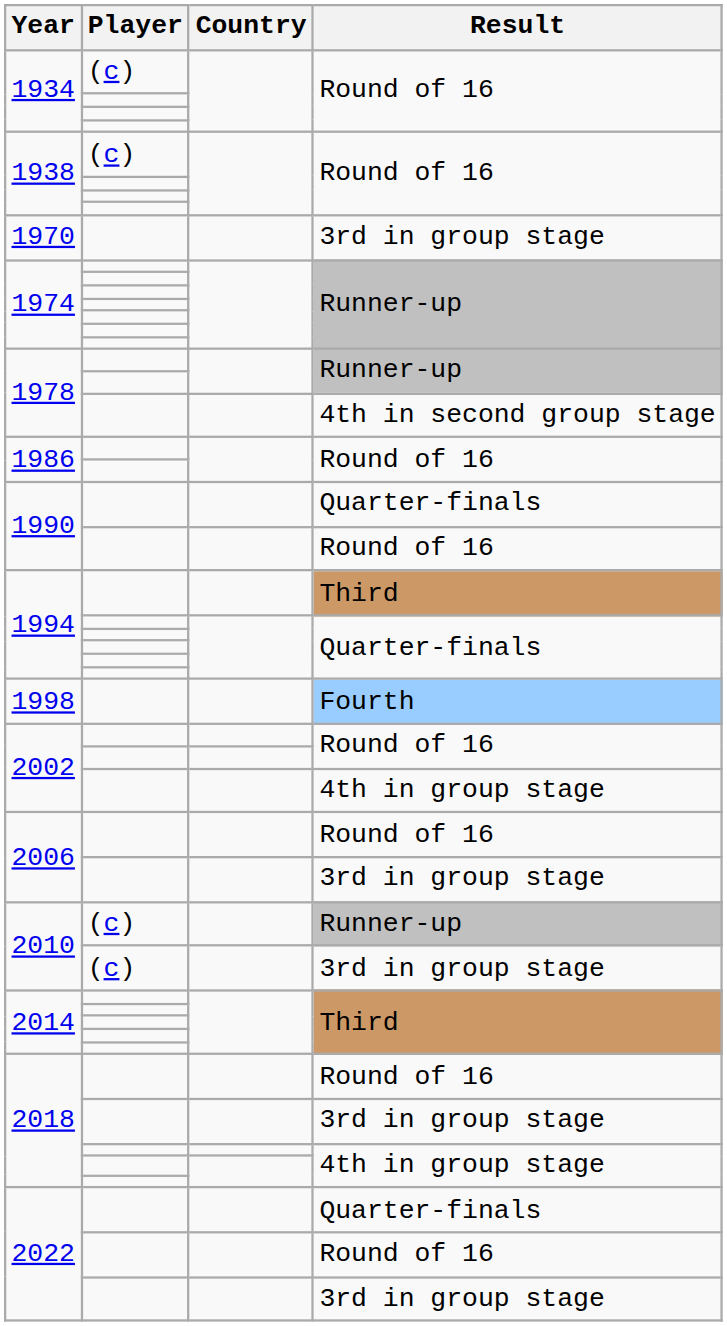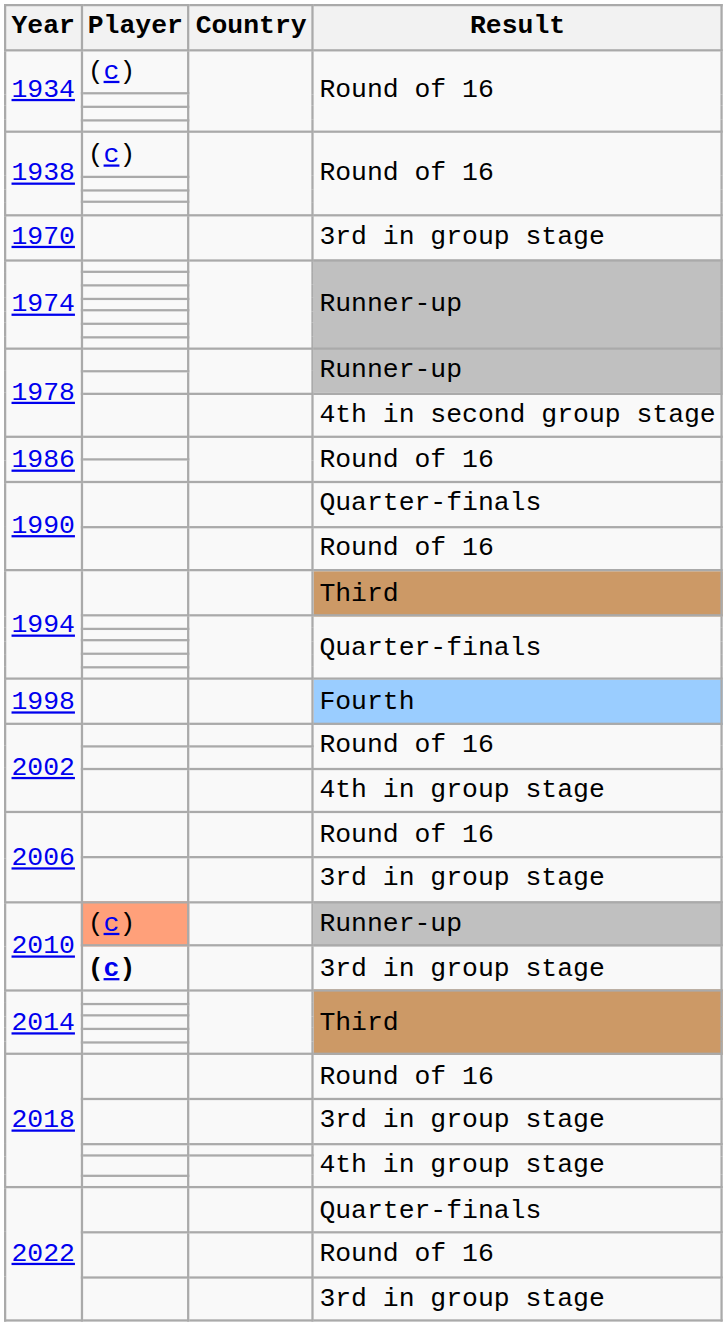 <table class="wikitable sortable" style="font-size:90%;">
 <tr>
 <th>Year</th>
 <th>Player</th>
 <th>Country</th>
 <th>Result</th>
 </tr>
 <tr>
 <td rowspan="4"><a href='#'>1934</a> </td>
 <td> (<a href='#'>c</a>)</td>
 <td rowspan="4"></td>
 <td rowspan="4" data-sort-value="6">Round of 16</td>
 </tr>
 <tr>
 <td></td>
 </tr>
 <tr>
 <td></td>
 </tr>
 <tr>
 <td></td>
 </tr>
 <tr>
 <td rowspan="4"><a href='#'>1938</a> </td>
 <td> (<a href='#'>c</a>)</td>
 <td rowspan="4"></td>
 <td rowspan="4" data-sort-value="6">Round of 16</td>
 </tr>
 <tr>
 <td></td>
 </tr>
 <tr>
 <td></td>
 </tr>
 <tr>
 <td></td>
 </tr>
 <tr>
 <td><a href='#'>1970</a> </td>
 <td></td>
 <td></td>
 <td data-sort-value="7">3rd in group stage</td>
 </tr>
 <tr>
 <td rowspan="7"><a href='#'>1974</a> </td>
 <td></td>
 <td rowspan="7"></td>
 <td bgcolor="#C0C0C0" rowspan="7" data-sort-value="1">Runner-up</td>
 </tr>
 <tr>
 <td></td>
 </tr>
 <tr>
 <td></td>
 </tr>
 <tr>
 <td></td>
 </tr>
 <tr>
 <td></td>
 </tr>
 <tr>
 <td></td>
 </tr>
 <tr>
 <td></td>
 </tr>
 <tr>
 <td rowspan="3"><a href='#'>1978</a> </td>
 <td></td>
 <td rowspan="2"></td>
 <td bgcolor="#C0C0C0" rowspan="2" data-sort-value="1" data-sort-value="1">Runner-up</td>
 </tr>
 <tr>
 <td></td>
 </tr>
 <tr>
 <td></td>
 <td></td>
 <td data-sort-value="5">4th in second group stage</td>
 </tr>
 <tr>
 <td rowspan="2"><a href='#'>1986</a> </td>
 <td></td>
 <td rowspan="2"></td>
 <td rowspan="2" data-sort-value="6">Round of 16</td>
 </tr>
 <tr>
 <td></td>
 </tr>
 <tr>
 <td rowspan="2"><a href='#'>1990</a> </td>
 <td></td>
 <td></td>
 <td data-sort-value="4">Quarter-finals</td>
 </tr>
 <tr>
 <td></td>
 <td></td>
 <td data-sort-value="6">Round of 16</td>
 </tr>
 <tr>
 <td rowspan="6"><a href='#'>1994</a> </td>
 <td></td>
 <td></td>
 <td bgcolor="#cc9966" data-sort-value="2">Third</td>
 </tr>
 <tr>
 <td></td>
 <td rowspan="5"></td>
 <td rowspan="5" data-sort-value="4">Quarter-finals</td>
 </tr>
 <tr>
 <td></td>
 </tr>
 <tr>
 <td></td>
 </tr>
 <tr>
 <td></td>
 </tr>
 <tr>
 <td></td>
 </tr>
 <tr>
 <td><a href='#'>1998</a> </td>
 <td></td>
 <td></td>
 <td bgcolor="#9acdff" data-sort-value="3">Fourth</td>
 </tr>
 <tr>
 <td rowspan="3"><a href='#'>2002</a>  </td>
 <td></td>
 <td></td>
 <td rowspan="2" data-sort-value="6">Round of 16</td>
 </tr>
 <tr>
 <td></td>
 <td></td>
 </tr>
 <tr>
 <td></td>
 <td></td>
 <td data-sort-value="9">4th in group stage</td>
 </tr>
 <tr>
 <td rowspan="2"><a href='#'>2006</a> </td>
 <td></td>
 <td></td>
 <td>Round of 16</td>
 </tr>
 <tr>
 <td></td>
 <td></td>
 <td data-sort-value="8">3rd in group stage</td>
 </tr>
 <tr>
 <td rowspan="2"><a href='#'>2010</a> </td>
-<td> (<a href='#'>c</a>)</td>
+<td style="background: lightsalmon;"> (<a href='#'>c</a>)</td>
 <td></td>
 <td bgcolor="#C0C0C0" data-sort-value="1">Runner-up</td>
 </tr>
 <tr>
-<td> (<a href='#'>c</a>)</td>
+<td><strong> (<a href='#'>c</a>)</strong></td>
 <td></td>
 <td data-sort-value="8">3rd in group stage</td>
 </tr>
 <tr>
 <td rowspan="5"><a href='#'>2014</a> </td>
 <td></td>
 <td rowspan="5"></td>
 <td bgcolor="#cc9966" rowspan="5" data-sort-value="2">Third</td>
 </tr>
 <tr>
 <td></td>
 </tr>
 <tr>
 <td></td>
 </tr>
 <tr>
 <td></td>
 </tr>
 <tr>
 <td></td>
 </tr>
 <tr>
 <td rowspan="5"><a href='#'>2018</a> </td>
 <td></td>
 <td></td>
 <td data-sort-value="6">Round of 16</td>
 </tr>
 <tr>
 <td></td>
 <td></td>
 <td data-sort-value="8">3rd in group stage</td>
 </tr>
 <tr>
 <td></td>
 <td></td>
 <td rowspan="3" data-sort-value="10">4th in group stage</td>
 </tr>
 <tr>
 <td></td>
 <td rowspan="2"></td>
 </tr>
 <tr>
 <td></td>
 </tr>
 <tr>
 <td rowspan="3"><a href='#'>2022</a> </td>
 <td></td>
 <td></td>
 <td data-sort-value="4">Quarter-finals</td>
 </tr>
 <tr>
 <td></td>
 <td></td>
 <td data-sort-value="6">Round of 16</td>
 </tr>
 <tr>
 <td></td>
 <td></td>
 <td data-sort-value="8">3rd in group stage</td>
 </tr>
 </table>
